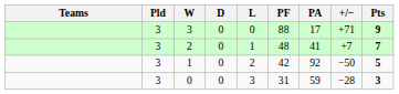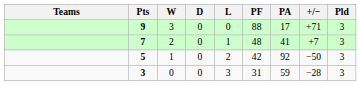 <table class="wikitable" style="text-align: center;">
 <tr>
 <th width="200">Teams</th>
-<th width="40">Pld</th>
+<th width="40">Pts</th>
 <th width="40">W</th>
 <th width="40">D</th>
 <th width="40">L</th>
 <th width="40">PF</th>
 <th width="40">PA</th>
 <th width="40">+/−</th>
-<th width="40">Pts</th>
+<th width="40">Pld</th>
 </tr>
 <tr bgcolor=ccffcc>
 <td align=left></td>
-<td>3</td>
+<td><strong>9</strong></td>
 <td>3</td>
 <td>0</td>
 <td>0</td>
 <td>88</td>
 <td>17</td>
 <td>+71</td>
-<td><strong>9</strong></td>
+<td>3</td>
 </tr>
 <tr bgcolor=ccffcc>
 <td align=left></td>
-<td>3</td>
+<td><strong>7</strong></td>
 <td>2</td>
 <td>0</td>
 <td>1</td>
 <td>48</td>
 <td>41</td>
 <td>+7</td>
-<td><strong>7</strong></td>
+<td>3</td>
 </tr>
 <tr>
 <td align=left></td>
-<td>3</td>
+<td><strong>5</strong></td>
 <td>1</td>
 <td>0</td>
 <td>2</td>
 <td>42</td>
 <td>92</td>
 <td>−50</td>
-<td><strong>5</strong></td>
+<td>3</td>
 </tr>
 <tr>
 <td align=left></td>
-<td>3</td>
+<td><strong>3</strong></td>
 <td>0</td>
 <td>0</td>
 <td>3</td>
 <td>31</td>
 <td>59</td>
 <td>−28</td>
-<td><strong>3</strong></td>
+<td>3</td>
 </tr>
 </table>
